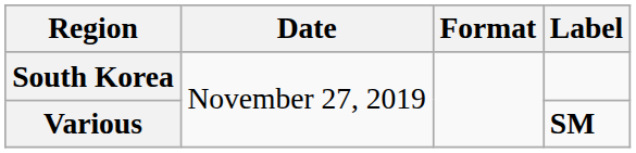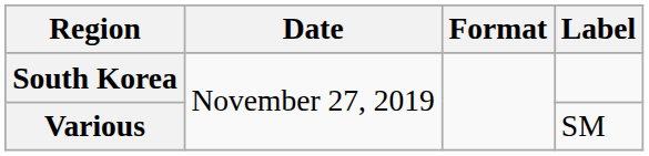 <table class="wikitable plainrowheaders">
 <tr>
 <th scope="col">Region</th>
 <th scope="col">Date</th>
 <th scope="col">Format</th>
 <th scope="col">Label</th>
 </tr>
 <tr>
 <th scope="row">South Korea</th>
 <td rowspan="2">November 27, 2019</td>
 <td rowspan="2"></td>
 <td></td>
 </tr>
 <tr>
 <th scope="row">Various</th>
-<td><strong>SM</strong></td>
+<td>SM</td>
 </tr>
 </table>
